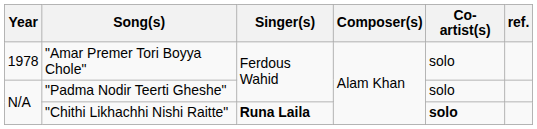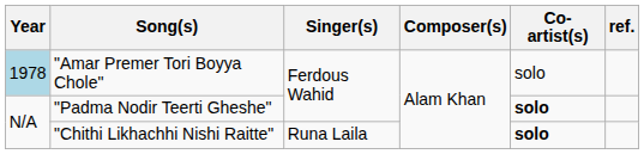 <table class="wikitable sortable">
 <tr>
 <th>Year</th>
 <th>Song(s)</th>
 <th>Singer(s)</th>
 <th>Composer(s)</th>
 <th>Co-artist(s)</th>
 <th>ref.</th>
 </tr>
 <tr>
-<td>1978</td>
+<td style="background: lightblue;">1978</td>
 <td>"Amar Premer Tori Boyya Chole"</td>
 <td rowspan="2">Ferdous Wahid</td>
 <td rowspan="3">Alam Khan</td>
 <td>solo</td>
 <td></td>
 </tr>
 <tr>
 <td rowspan="2">N/A</td>
 <td>"Padma Nodir Teerti Gheshe"</td>
-<td>solo</td>
+<td><strong>solo</strong></td>
 <td></td>
 </tr>
 <tr>
 <td>"Chithi Likhachhi Nishi Raitte"</td>
-<td><strong>Runa Laila</strong></td>
+<td>Runa Laila</td>
 <td><strong>solo</strong></td>
 <td></td>
 </tr>
 </table>
